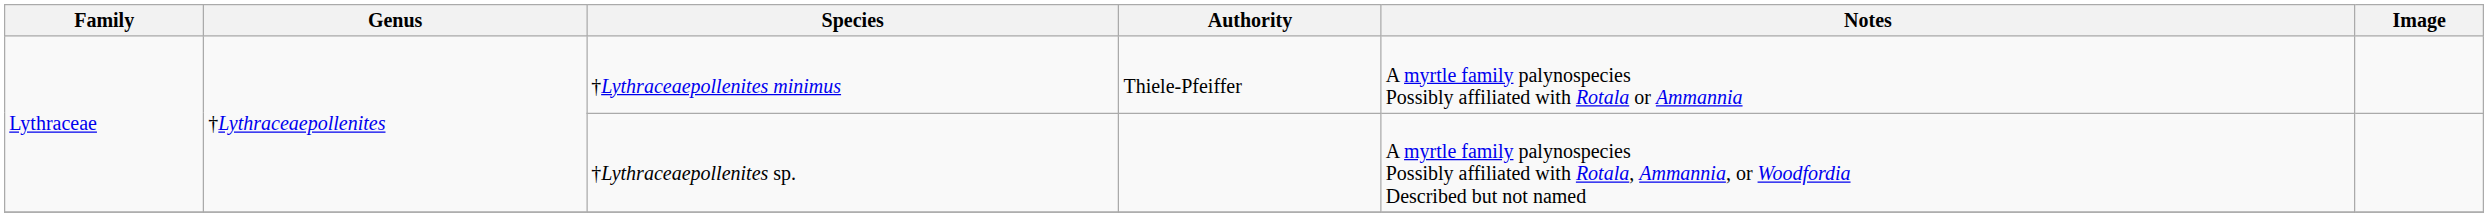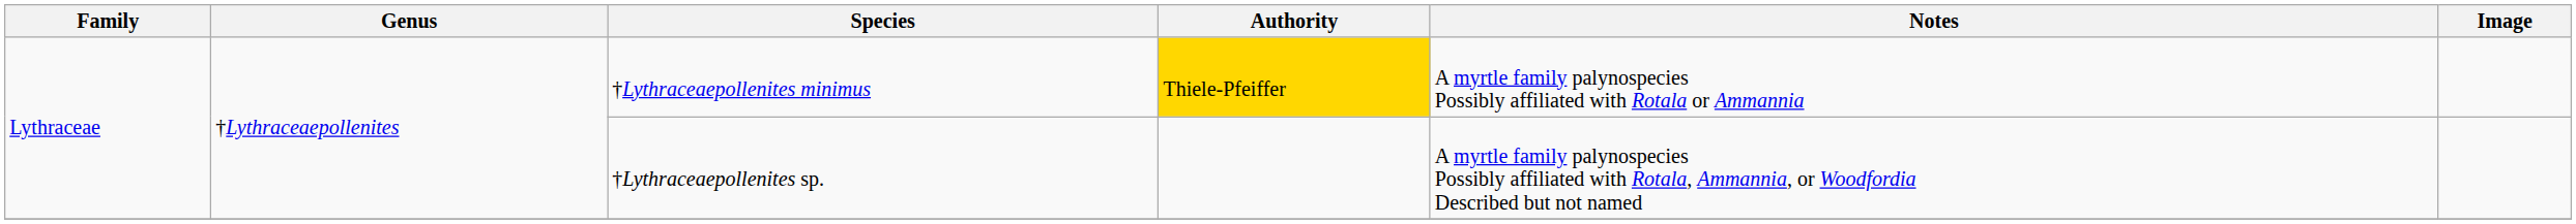 <table class="wikitable" align="center" width="100%">
 <tr>
 <th>Family</th>
 <th>Genus</th>
 <th>Species</th>
 <th>Authority</th>
 <th>Notes</th>
 <th>Image</th>
 </tr>
 <tr>
 <td rowspan=2><a href='#'>Lythraceae</a></td>
 <td rowspan=2>†<em><a href='#'>Lythraceaepollenites</a></em></td>
 <td><br>†<em><a href='#'>Lythraceaepollenites minimus</a></em></td>
-<td><br>Thiele-Pfeiffer</td>
+<td style="background: gold;"><br>Thiele-Pfeiffer</td>
 <td><br>A <a href='#'>myrtle family</a> palynospecies<br>Possibly affiliated with <em><a href='#'>Rotala</a></em> or <em><a href='#'>Ammannia</a></em></td>
 <td></td>
 </tr>
 <tr>
 <td><br>†<em>Lythraceaepollenites</em> sp.</td>
 <td></td>
 <td><br>A <a href='#'>myrtle family</a> palynospecies<br>Possibly affiliated with <em><a href='#'>Rotala</a></em>, <em><a href='#'>Ammannia</a></em>, or <em><a href='#'>Woodfordia</a></em><br>Described but not named</td>
 <td></td>
 </tr>
 <tr>
 </tr>
 </table>
